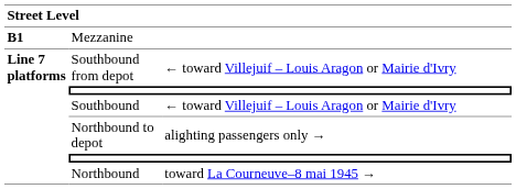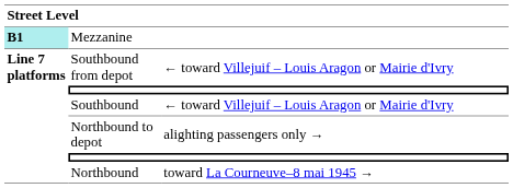 <table cellspacing="0" cellpadding="3" border="0">
 <tr>
 <td colspan="3" style="border-bottom:solid 1px gray;border-top:solid 1px gray;" width="50" valign="top"><strong>Street Level</strong></td>
 </tr>
 <tr>
-<td style="border-bottom:solid 1px gray;" width="50" valign="top"><strong>B1</strong></td>
+<td style="background: paleturquoise; border-bottom:solid 1px gray;" width="50" valign="top"><strong>B1</strong></td>
 <td colspan="2" style="border-bottom:solid 1px gray;" width="100" valign="top">Mezzanine</td>
 </tr>
 <tr>
 <td rowspan="10" style="border-bottom:solid 1px gray;" width="50" valign="top"><strong>Line 7 platforms</strong></td>
 <td width="100">Southbound from depot</td>
 <td width="390">←   toward <a href='#'>Villejuif – Louis Aragon</a> or <a href='#'>Mairie d'Ivry</a> </td>
 </tr>
 <tr>
 <td colspan="2" style="border-top:solid 2px black;border-right:solid 2px black;border-left:solid 2px black;border-bottom:solid 2px black;text-align:center;"></td>
 </tr>
 <tr>
 <td style="border-bottom:solid 1px gray;" width="100">Southbound</td>
 <td style="border-bottom:solid 1px gray;" width="390">←   toward <a href='#'>Villejuif – Louis Aragon</a> or <a href='#'>Mairie d'Ivry</a> </td>
 </tr>
 <tr>
 <td>Northbound to depot</td>
 <td>   alighting passengers only →</td>
 </tr>
 <tr>
 <td colspan="2" style="border-top:solid 2px black;border-right:solid 2px black;border-left:solid 2px black;border-bottom:solid 2px black;text-align:center;"></td>
 </tr>
 <tr>
 <td style="border-bottom:solid 1px gray;">Northbound</td>
 <td style="border-bottom:solid 1px gray;">   toward <a href='#'>La Courneuve–8 mai 1945</a>  →</td>
 </tr>
 </table>
